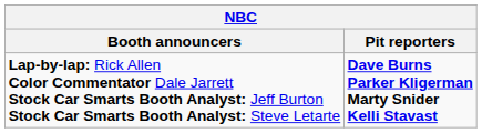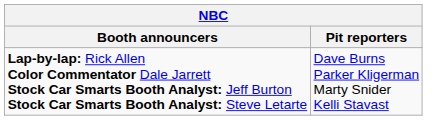 <table class="wikitable" style="font-size: 95%">
 <tr>
 <th colspan="2"><a href='#'>NBC</a></th>
 </tr>
 <tr>
 <th>Booth announcers</th>
 <th>Pit reporters</th>
 </tr>
 <tr>
 <td><strong>Lap-by-lap:</strong> <a href='#'>Rick Allen</a><br> <strong>Color Commentator</strong> <a href='#'>Dale Jarrett</a><br><strong>Stock Car Smarts Booth Analyst:</strong> <a href='#'>Jeff Burton</a><br><strong>Stock Car Smarts Booth Analyst:</strong> <a href='#'>Steve Letarte</a></td>
-<td><strong><a href='#'>Dave Burns</a><br><a href='#'>Parker Kligerman</a><br>Marty Snider<br><a href='#'>Kelli Stavast</a></strong></td>
+<td><a href='#'>Dave Burns</a><br><a href='#'>Parker Kligerman</a><br>Marty Snider<br><a href='#'>Kelli Stavast</a></td>
 </tr>
 </table>
